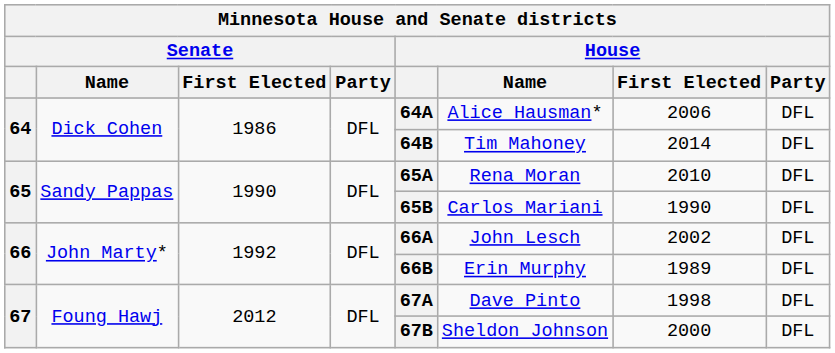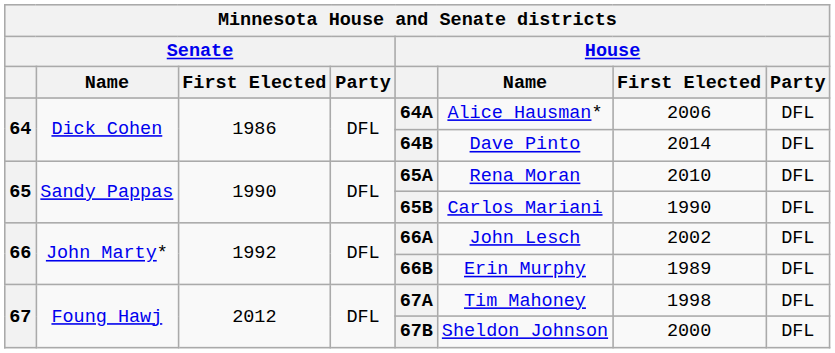 <table class="wikitable" style="font-size:90%;text-align:center;line-height:120%">
 <tr>
 <th colspan="26">Minnesota House and Senate districts</th>
 </tr>
 <tr>
 <th ! colspan="4"><a href='#'>Senate</a></th>
 <th ! colspan="4"><a href='#'>House</a></th>
 </tr>
 <tr>
 <th></th>
 <th>Name</th>
 <th>First Elected</th>
 <th>Party</th>
 <th></th>
 <th>Name</th>
 <th>First Elected</th>
 <th>Party</th>
 </tr>
 <tr>
 <th rowspan="2">64</th>
 <td rowspan="2"><a href='#'>Dick Cohen</a></td>
 <td rowspan="2">1986</td>
 <td rowspan="2">DFL</td>
 <th>64A</th>
 <td><a href='#'>Alice Hausman</a>*</td>
 <td>2006</td>
 <td>DFL</td>
 </tr>
 <tr>
 <th>64B</th>
-<td><a href='#'>Tim Mahoney</a></td>
+<td><a href='#'>Dave Pinto</a></td>
 <td>2014</td>
 <td>DFL</td>
 </tr>
 <tr>
 <th rowspan="2">65</th>
 <td rowspan="2"><a href='#'>Sandy Pappas</a></td>
 <td rowspan="2">1990</td>
 <td rowspan="2">DFL</td>
 <th>65A</th>
 <td><a href='#'>Rena Moran</a></td>
 <td>2010</td>
 <td>DFL</td>
 </tr>
 <tr>
 <th>65B</th>
 <td><a href='#'>Carlos Mariani</a></td>
 <td>1990</td>
 <td>DFL</td>
 </tr>
 <tr>
 <th rowspan="2">66</th>
 <td rowspan="2"><a href='#'>John Marty</a>*</td>
 <td rowspan="2">1992</td>
 <td rowspan="2">DFL</td>
 <th>66A</th>
 <td><a href='#'>John Lesch</a></td>
 <td>2002</td>
 <td>DFL</td>
 </tr>
 <tr>
 <th>66B</th>
 <td><a href='#'>Erin Murphy</a></td>
 <td>1989</td>
 <td>DFL</td>
 </tr>
 <tr>
 <th rowspan="2">67</th>
 <td rowspan="2"><a href='#'>Foung Hawj</a></td>
 <td rowspan="2">2012</td>
 <td rowspan="2">DFL</td>
 <th>67A</th>
-<td><a href='#'>Dave Pinto</a></td>
+<td><a href='#'>Tim Mahoney</a></td>
 <td>1998</td>
 <td>DFL</td>
 </tr>
 <tr>
 <th>67B</th>
 <td><a href='#'>Sheldon Johnson</a></td>
 <td>2000</td>
 <td>DFL</td>
 </tr>
 </table>
